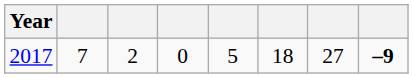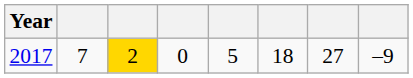 <table class="wikitable" style="text-align:center">
 <tr>
 <th>Year</th>
 <th style="width:30px"></th>
 <th style="width:30px"></th>
 <th style="width:30px"></th>
 <th style="width:30px"></th>
 <th style="width:30px"></th>
 <th style="width:30px"></th>
 <th style="width:30px"></th>
 </tr>
 <tr>
 <td><a href='#'>2017</a></td>
 <td>7</td>
-<td>2</td>
+<td style="background: gold;">2</td>
 <td>0</td>
 <td>5</td>
 <td>18</td>
 <td>27</td>
-<td><strong>–9</strong></td>
+<td>–9</td>
 </tr>
 </table>
